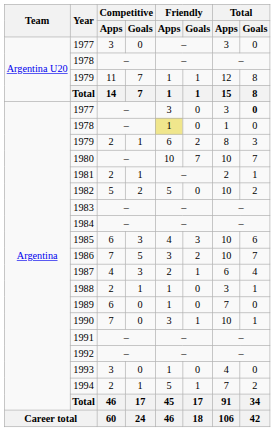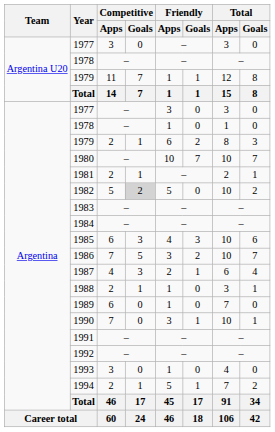 <table class="wikitable" style="text-align:center">
 <tr>
 <th rowspan="2">Team</th>
 <th rowspan="2">Year</th>
 <th colspan="2">Competitive</th>
 <th colspan="2">Friendly</th>
 <th colspan="2">Total</th>
 </tr>
 <tr>
 <th>Apps</th>
 <th>Goals</th>
 <th>Apps</th>
 <th>Goals</th>
 <th>Apps</th>
 <th>Goals</th>
 </tr>
 <tr>
 <td rowspan="4"><a href='#'>Argentina U20</a></td>
 <td>1977</td>
 <td>3</td>
 <td>0</td>
 <td colspan="2">–</td>
 <td>3</td>
 <td>0</td>
 </tr>
 <tr>
 <td>1978</td>
 <td colspan="2">–</td>
 <td colspan="2">–</td>
 <td colspan="2">–</td>
 </tr>
 <tr>
 <td>1979</td>
 <td>11</td>
 <td>7</td>
 <td>1</td>
 <td>1</td>
 <td>12</td>
 <td>8</td>
 </tr>
 <tr>
 <th>Total</th>
 <th>14</th>
 <th>7</th>
 <th>1</th>
 <th>1</th>
 <th>15</th>
 <th>8</th>
 </tr>
 <tr>
 <td rowspan="19"><a href='#'>Argentina</a></td>
 <td>1977</td>
 <td colspan="2">–</td>
 <td>3</td>
 <td>0</td>
 <td>3</td>
-<td><strong>0</strong></td>
+<td>0</td>
 </tr>
 <tr>
 <td>1978</td>
 <td colspan="2">–</td>
-<td style="background: khaki;">1</td>
+<td>1</td>
 <td>0</td>
 <td>1</td>
 <td>0</td>
 </tr>
 <tr>
 <td>1979</td>
 <td>2</td>
 <td>1</td>
 <td>6</td>
 <td>2</td>
 <td>8</td>
 <td>3</td>
 </tr>
 <tr>
 <td>1980</td>
 <td colspan="2">–</td>
 <td>10</td>
 <td>7</td>
 <td>10</td>
 <td>7</td>
 </tr>
 <tr>
 <td>1981</td>
 <td>2</td>
 <td>1</td>
 <td colspan="2">–</td>
 <td>2</td>
 <td>1</td>
 </tr>
 <tr>
 <td>1982</td>
 <td>5</td>
-<td>2</td>
+<td style="background: lightgrey;">2</td>
 <td>5</td>
 <td>0</td>
 <td>10</td>
 <td>2</td>
 </tr>
 <tr>
 <td>1983</td>
 <td colspan="2">–</td>
 <td colspan="2">–</td>
 <td colspan="2">–</td>
 </tr>
 <tr>
 <td>1984</td>
 <td colspan="2">–</td>
 <td colspan="2">–</td>
 <td colspan="2">–</td>
 </tr>
 <tr>
 <td>1985</td>
 <td>6</td>
 <td>3</td>
 <td>4</td>
 <td>3</td>
 <td>10</td>
 <td>6</td>
 </tr>
 <tr>
 <td>1986</td>
 <td>7</td>
 <td>5</td>
 <td>3</td>
 <td>2</td>
 <td>10</td>
 <td>7</td>
 </tr>
 <tr>
 <td>1987</td>
 <td>4</td>
 <td>3</td>
 <td>2</td>
 <td>1</td>
 <td>6</td>
 <td>4</td>
 </tr>
 <tr>
 <td>1988</td>
 <td>2</td>
 <td>1</td>
 <td>1</td>
 <td>0</td>
 <td>3</td>
 <td>1</td>
 </tr>
 <tr>
 <td>1989</td>
 <td>6</td>
 <td>0</td>
 <td>1</td>
 <td>0</td>
 <td>7</td>
 <td>0</td>
 </tr>
 <tr>
 <td>1990</td>
 <td>7</td>
 <td>0</td>
 <td>3</td>
 <td>1</td>
 <td>10</td>
 <td>1</td>
 </tr>
 <tr>
 <td>1991</td>
 <td colspan="2">–</td>
 <td colspan="2">–</td>
 <td colspan="2">–</td>
 </tr>
 <tr>
 <td>1992</td>
 <td colspan="2">–</td>
 <td colspan="2">–</td>
 <td colspan="2">–</td>
 </tr>
 <tr>
 <td>1993</td>
 <td>3</td>
 <td>0</td>
 <td>1</td>
 <td>0</td>
 <td>4</td>
 <td>0</td>
 </tr>
 <tr>
 <td>1994</td>
 <td>2</td>
 <td>1</td>
 <td>5</td>
 <td>1</td>
 <td>7</td>
 <td>2</td>
 </tr>
 <tr>
 <th>Total</th>
 <th>46</th>
 <th>17</th>
 <th>45</th>
 <th>17</th>
 <th>91</th>
 <th>34</th>
 </tr>
 <tr>
 <th colspan="2">Career total</th>
 <th>60</th>
 <th>24</th>
 <th>46</th>
 <th>18</th>
 <th>106</th>
 <th>42</th>
 </tr>
 </table>
